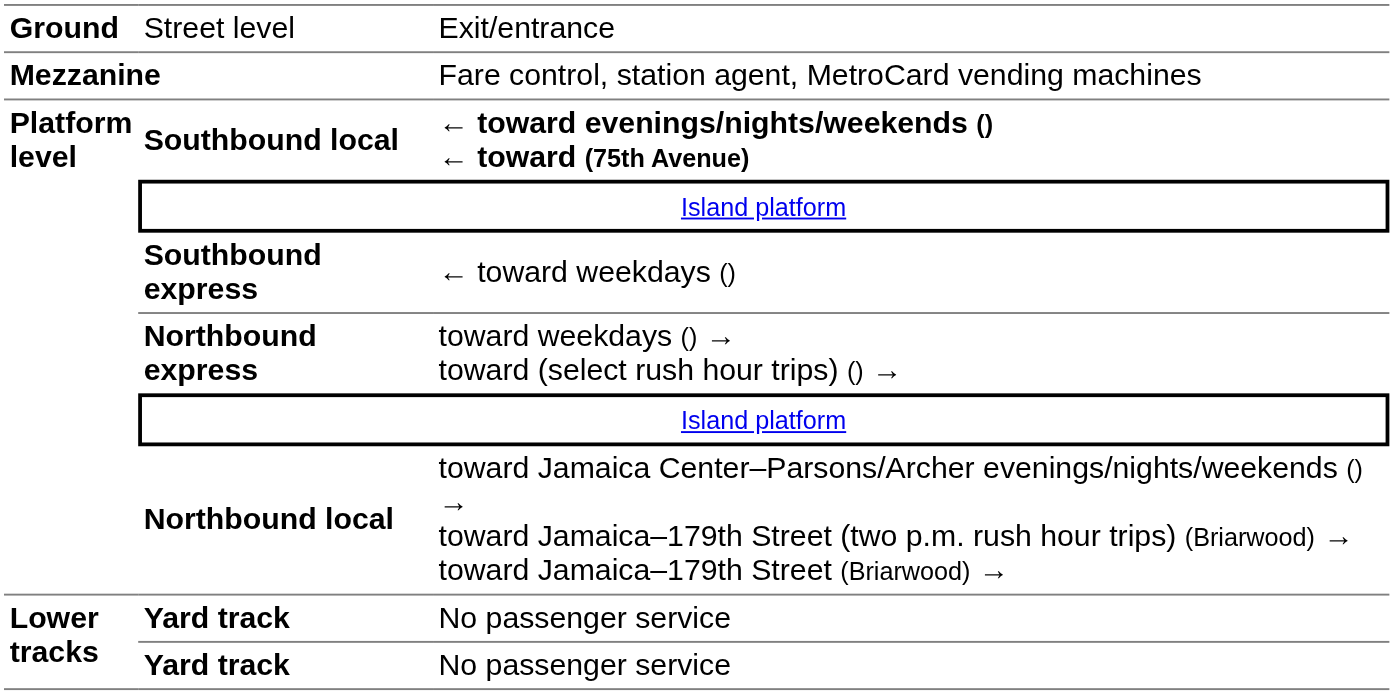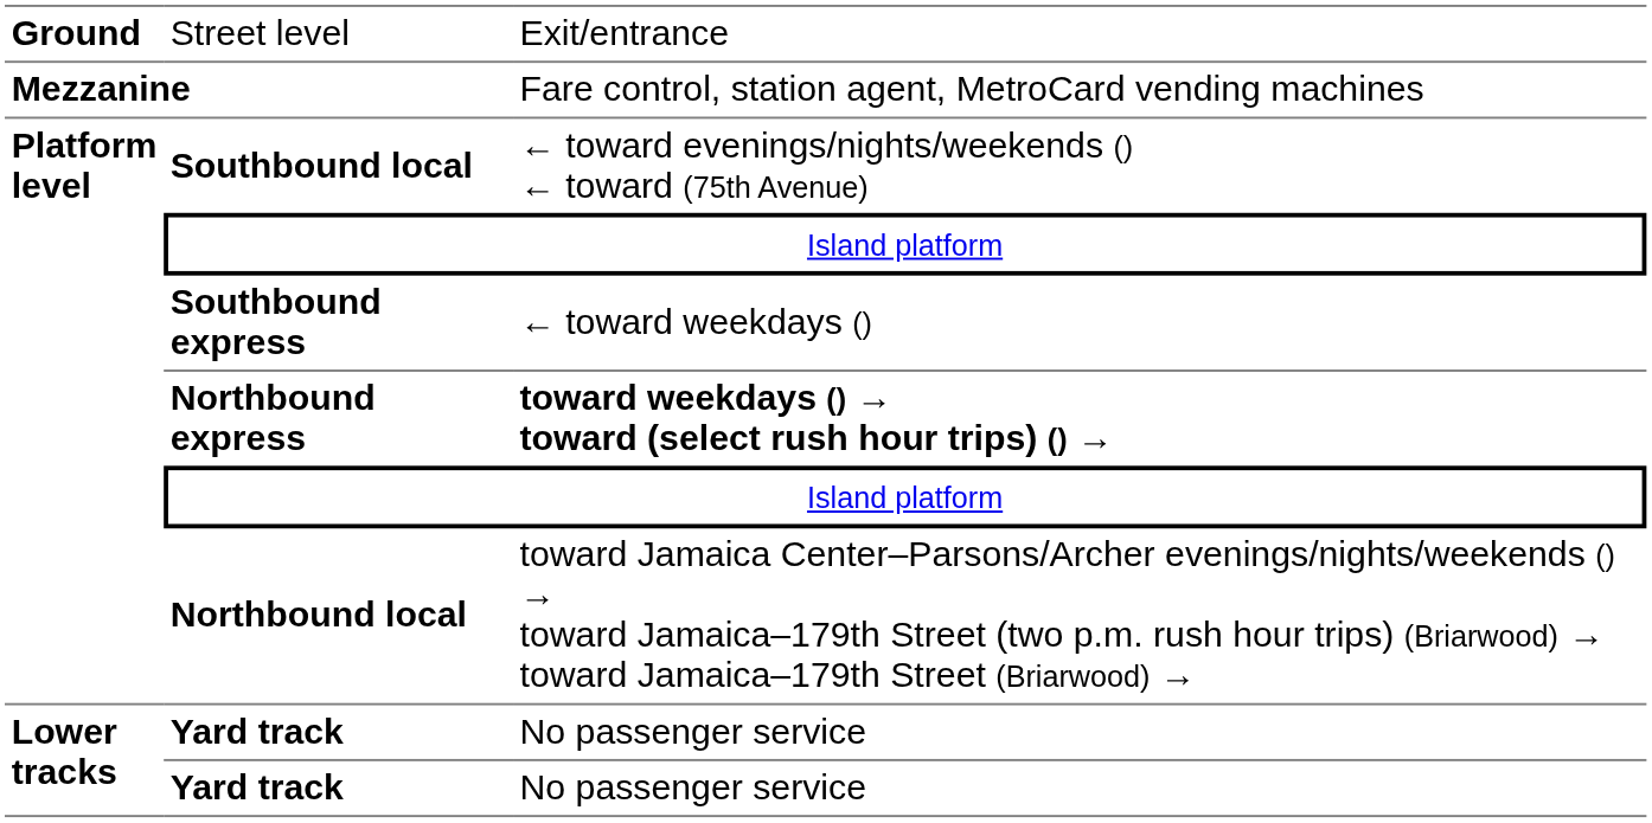 <table border=0 cellspacing=0 cellpadding=3>
 <tr>
 <td style="border-top:solid 1px gray;border-bottom:solid 1px gray;" width=50><strong>Ground</strong></td>
 <td style="border-top:solid 1px gray;border-bottom:solid 1px gray;" width=150>Street level</td>
 <td style="border-top:solid 1px gray;border-bottom:solid 1px gray;" width=500>Exit/entrance</td>
 </tr>
 <tr>
 <td style="border-bottom:solid 1px gray;" colspan=2><strong>Mezzanine</strong></td>
 <td style="border-bottom:solid 1px gray;">Fare control, station agent, MetroCard vending machines <br></td>
 </tr>
 <tr>
 <td style="border-bottom:solid 1px gray;" rowspan=6 valign=top><strong>Platform level</strong></td>
 <td><strong>Southbound local</strong></td>
-<td><strong>←  toward  evenings/nights/weekends <small>()</small><br>←  toward  <small>(75th Avenue)</small></strong></td>
+<td>←  toward  evenings/nights/weekends <small>()</small><br>←  toward  <small>(75th Avenue)</small></td>
 </tr>
 <tr>
 <td style="border-top:solid 2px black;border-right:solid 2px black;border-left:solid 2px black;border-bottom:solid 2px black;text-align:center;" colspan=2><small><a href='#'>Island platform</a> </small></td>
 </tr>
 <tr>
 <td style="border-bottom:solid 1px gray;"><span><strong>Southbound express</strong></span></td>
 <td style="border-bottom:solid 1px gray;">←  toward  weekdays <small>()</small></td>
 </tr>
 <tr>
 <td><span><strong>Northbound express</strong></span></td>
-<td>  toward  weekdays <small>()</small>  →<br>  toward  (select rush hour trips) <small>()</small> →</td>
+<td><strong>  toward  weekdays <small>()</small>  →<br>  toward  (select rush hour trips) <small>()</small> →</strong></td>
 </tr>
 <tr>
 <td style="border-top:solid 2px black;border-right:solid 2px black;border-left:solid 2px black;border-bottom:solid 2px black;text-align:center;" colspan=2><small><a href='#'>Island platform</a> </small></td>
 </tr>
 <tr>
 <td style="border-bottom:solid 1px gray;"><strong>Northbound local</strong></td>
 <td style="border-bottom:solid 1px gray;">  toward Jamaica Center–Parsons/Archer evenings/nights/weekends <small>()</small> →<br>  toward Jamaica–179th Street (two p.m. rush hour trips) <small>(Briarwood)</small> →<br>  toward Jamaica–179th Street <small>(Briarwood)</small> →</td>
 </tr>
 <tr>
 <td style="border-bottom:solid 1px gray;" rowspan=2 valign=top><strong>Lower tracks</strong></td>
 <td style="border-bottom:solid 1px gray;"><strong>Yard track</strong></td>
 <td style="border-bottom:solid 1px gray;"> No passenger service</td>
 </tr>
 <tr>
 <td style="border-bottom:solid 1px gray;"><strong>Yard track</strong></td>
 <td style="border-bottom:solid 1px gray;"> No passenger service</td>
 </tr>
 </table>
